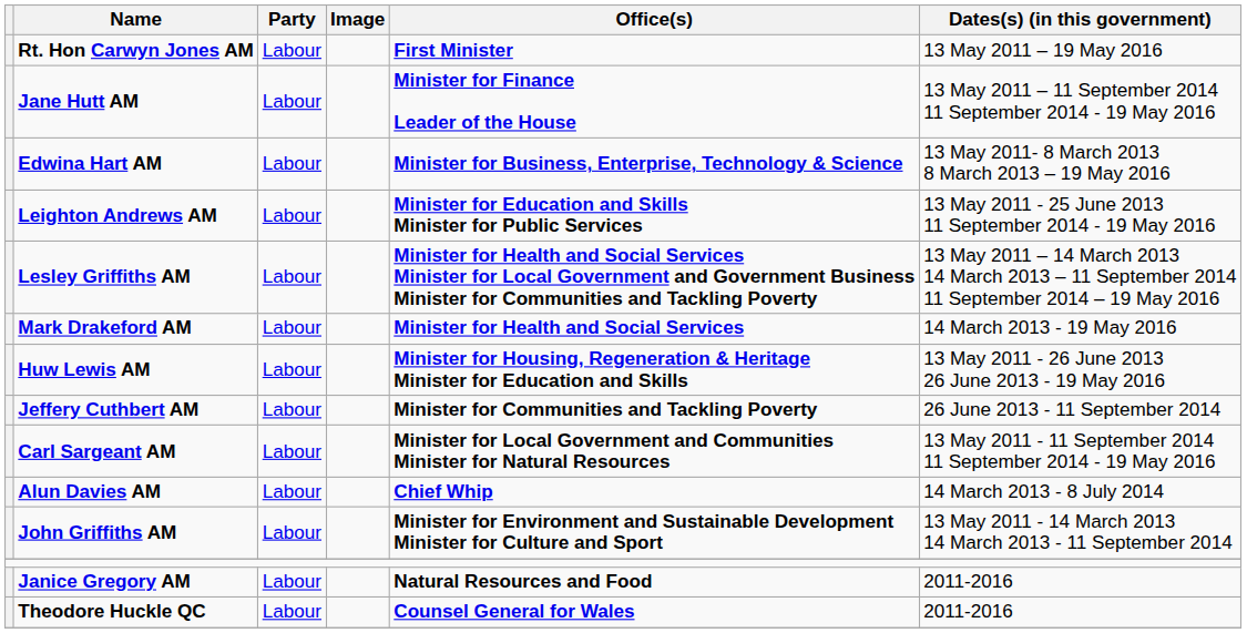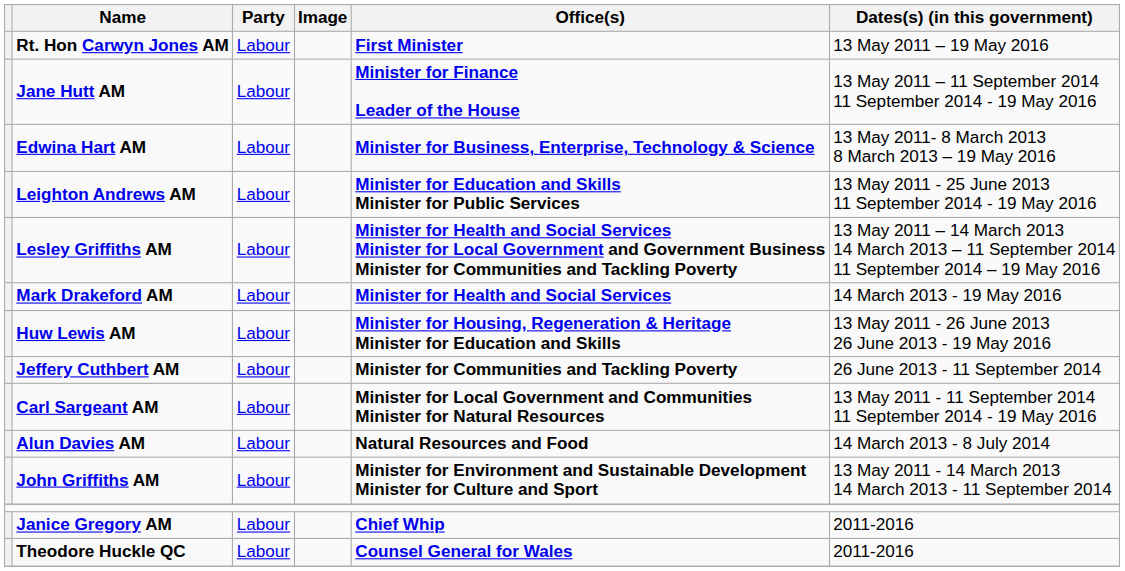 <table class="wikitable">
 <tr>
 <th></th>
 <th>Name</th>
 <th>Party</th>
 <th>Image</th>
 <th>Office(s)</th>
 <th>Dates(s) (in this government)</th>
 </tr>
 <tr>
 <th style="background-color: "></th>
 <td><strong>Rt. Hon <a href='#'>Carwyn Jones</a> AM</strong></td>
 <td><a href='#'>Labour</a></td>
 <td></td>
 <td><strong><a href='#'>First Minister</a></strong></td>
 <td>13 May 2011 – 19 May 2016</td>
 </tr>
 <tr>
 <th style="background-color: "></th>
 <td><strong><a href='#'>Jane Hutt</a> AM</strong></td>
 <td><a href='#'>Labour</a></td>
 <td></td>
 <td><strong><a href='#'>Minister for Finance</a></strong><br><br><strong><a href='#'>Leader of the House</a></strong></td>
 <td>13 May 2011 – 11 September 2014 <br> 11 September 2014 - 19 May 2016</td>
 </tr>
 <tr>
 <th style="background-color: "></th>
 <td><strong><a href='#'>Edwina Hart</a> AM</strong></td>
 <td><a href='#'>Labour</a></td>
 <td></td>
 <td><strong><a href='#'>Minister for Business, Enterprise, Technology & Science</a></strong></td>
 <td>13 May 2011- 8 March 2013 <br>8 March 2013 – 19 May 2016</td>
 </tr>
 <tr>
 <th style="background-color: "></th>
 <td><strong><a href='#'>Leighton Andrews</a> AM</strong></td>
 <td><a href='#'>Labour</a></td>
 <td></td>
 <td><strong><a href='#'>Minister for Education and Skills</a></strong> <br><strong>Minister for Public Services</strong></td>
 <td>13 May 2011 - 25 June 2013 <br>11 September 2014 - 19 May 2016</td>
 </tr>
 <tr>
 <th style="background-color: "></th>
 <td><strong><a href='#'>Lesley Griffiths</a> AM</strong></td>
 <td><a href='#'>Labour</a></td>
 <td></td>
 <td><strong><a href='#'>Minister for Health and Social Services</a></strong> <br><strong><a href='#'>Minister for Local Government</a> and Government Business</strong> <br><strong>Minister for Communities and Tackling Poverty</strong></td>
 <td>13 May 2011 – 14 March 2013<br>14 March 2013 – 11 September 2014<br>11 September 2014 – 19 May 2016</td>
 </tr>
 <tr>
 <th style="background-color: "></th>
 <td><strong><a href='#'>Mark Drakeford</a> AM</strong></td>
 <td><a href='#'>Labour</a></td>
 <td></td>
 <td><strong><a href='#'>Minister for Health and Social Services</a></strong></td>
 <td>14 March 2013 - 19 May 2016</td>
 </tr>
 <tr>
 <th style="background-color: "></th>
 <td><strong><a href='#'>Huw Lewis</a> AM</strong></td>
 <td><a href='#'>Labour</a></td>
 <td></td>
 <td><strong><a href='#'>Minister for Housing, Regeneration & Heritage</a></strong> <br><strong>Minister for Education and Skills</strong></td>
 <td>13 May 2011 - 26 June 2013 <br>26 June 2013 - 19 May 2016</td>
 </tr>
 <tr>
 <th style="background-color: "></th>
 <td><strong><a href='#'>Jeffery Cuthbert</a> AM</strong></td>
 <td><a href='#'>Labour</a></td>
 <td></td>
 <td><strong>Minister for Communities and Tackling Poverty</strong></td>
 <td>26 June 2013 - 11 September 2014</td>
 </tr>
 <tr>
 <th style="background-color: "></th>
 <td><strong><a href='#'>Carl Sargeant</a> AM</strong></td>
 <td><a href='#'>Labour</a></td>
 <td></td>
 <td><strong>Minister for Local Government and Communities </strong><br> <strong>Minister for Natural Resources</strong></td>
 <td>13 May 2011 - 11 September 2014 <br> 11 September 2014 - 19 May 2016</td>
 </tr>
 <tr>
 <th style="background-color: "></th>
 <td><strong><a href='#'>Alun Davies</a> AM</strong></td>
 <td><a href='#'>Labour</a></td>
 <td></td>
-<td><strong><a href='#'>Chief Whip</a></strong></td>
+<td><strong>Natural Resources and Food </strong></td>
 <td>14 March 2013 - 8 July 2014</td>
 </tr>
 <tr>
 <th style="background-color: "></th>
 <td><strong><a href='#'>John Griffiths</a> AM</strong></td>
 <td><a href='#'>Labour</a></td>
 <td></td>
 <td><strong>Minister for Environment and Sustainable Development</strong><br> <strong>Minister for Culture and Sport</strong></td>
 <td>13 May 2011 - 14 March 2013 <br> 14 March 2013 - 11 September 2014</td>
 </tr>
 <tr>
 </tr>
 <tr>
 <td colspan=6 style="text-align:left"></td>
 </tr>
 <tr>
 <th style="background-color: "></th>
 <td><strong><a href='#'>Janice Gregory</a> AM</strong></td>
 <td><a href='#'>Labour</a></td>
 <td></td>
-<td><strong>Natural Resources and Food </strong></td>
+<td><strong><a href='#'>Chief Whip</a></strong></td>
 <td>2011-2016</td>
 </tr>
 <tr>
 <th></th>
 <td><strong>Theodore Huckle QC</strong></td>
 <td><a href='#'>Labour</a></td>
 <td></td>
 <td><strong><a href='#'>Counsel General for Wales</a></strong></td>
 <td>2011-2016</td>
 </tr>
 <tr>
 </tr>
 </table>
